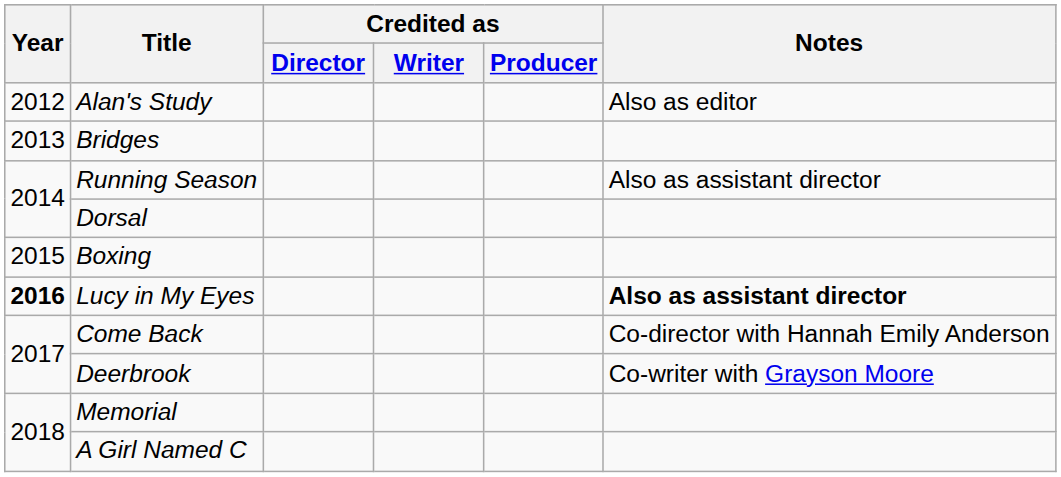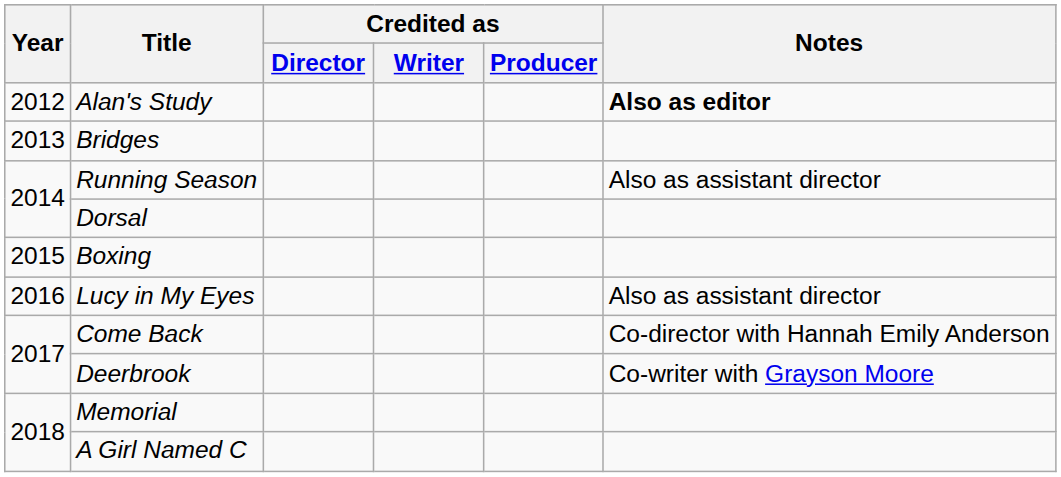 <table class="wikitable">
 <tr style="background:#ccc; text-align:center;">
 <th rowspan="2" style="width:33px;">Year</th>
 <th rowspan="2">Title</th>
 <th colspan="3">Credited as</th>
 <th rowspan="2">Notes</th>
 </tr>
 <tr>
 <th width=65><a href='#'>Director</a></th>
 <th width=65><a href='#'>Writer</a></th>
 <th width=65><a href='#'>Producer</a></th>
 </tr>
 <tr>
 <td>2012</td>
 <td><em>Alan's Study</em></td>
 <td></td>
 <td></td>
 <td></td>
-<td>Also as editor</td>
+<td><strong>Also as editor</strong></td>
 </tr>
 <tr>
 <td>2013</td>
 <td><em>Bridges</em></td>
 <td></td>
 <td></td>
 <td></td>
 <td></td>
 </tr>
 <tr>
 <td rowspan="2">2014</td>
 <td><em>Running Season</em></td>
 <td></td>
 <td></td>
 <td></td>
 <td>Also as assistant director</td>
 </tr>
 <tr>
 <td><em>Dorsal</em></td>
 <td></td>
 <td></td>
 <td></td>
 <td></td>
 </tr>
 <tr>
 <td>2015</td>
 <td><em>Boxing</em></td>
 <td></td>
 <td></td>
 <td></td>
 <td></td>
 </tr>
 <tr>
-<td><strong>2016</strong></td>
+<td>2016</td>
 <td><em>Lucy in My Eyes</em></td>
 <td></td>
 <td></td>
 <td></td>
-<td><strong>Also as assistant director</strong></td>
+<td>Also as assistant director</td>
 </tr>
 <tr>
 <td rowspan="2">2017</td>
 <td><em>Come Back</em></td>
 <td></td>
 <td></td>
 <td></td>
 <td>Co-director with Hannah Emily Anderson</td>
 </tr>
 <tr>
 <td><em>Deerbrook</em></td>
 <td></td>
 <td></td>
 <td></td>
 <td>Co-writer with <a href='#'>Grayson Moore</a></td>
 </tr>
 <tr>
 <td rowspan="2">2018</td>
 <td><em>Memorial</em></td>
 <td></td>
 <td></td>
 <td></td>
 <td></td>
 </tr>
 <tr>
 <td><em>A Girl Named C</em></td>
 <td></td>
 <td></td>
 <td></td>
 <td></td>
 </tr>
 </table>
